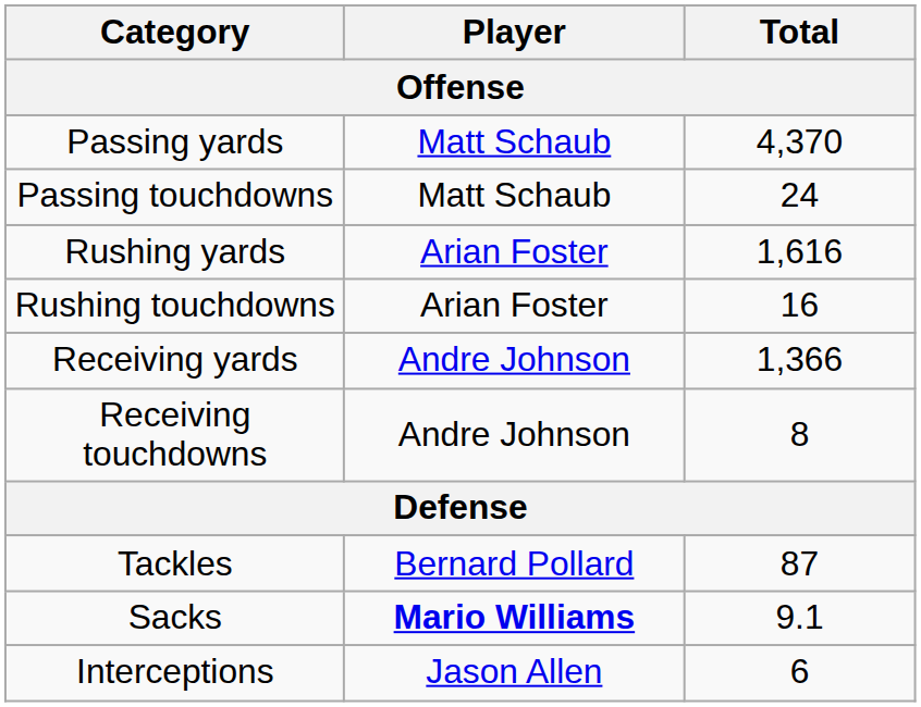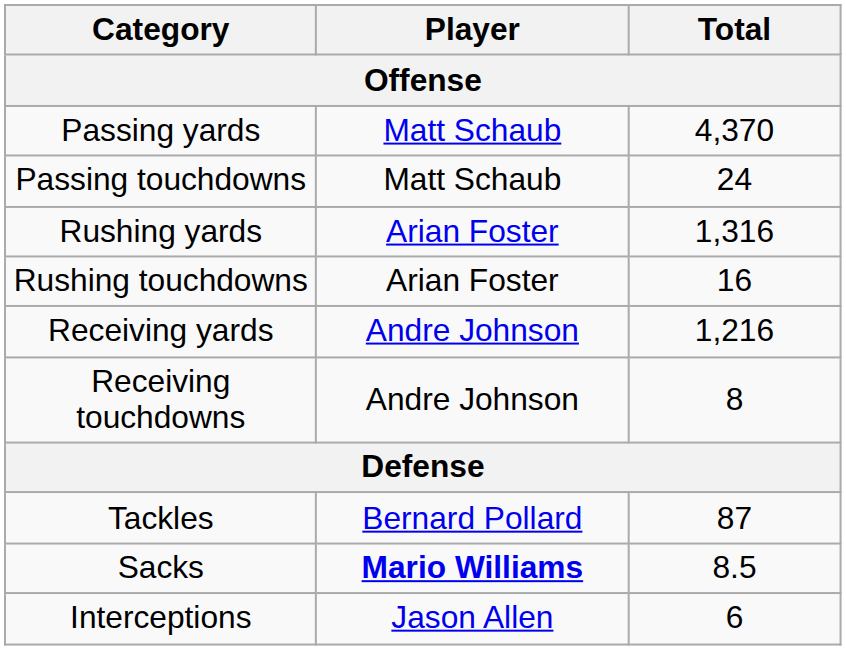 <table class="wikitable" style="text-align:center">
 <tr>
 <th width="150">Category</th>
 <th width="150">Player</th>
 <th width="100">Total</th>
 </tr>
 <tr>
 <th align="center" colspan="4">Offense</th>
 </tr>
 <tr>
 <td>Passing yards</td>
 <td><a href='#'>Matt Schaub</a></td>
 <td>4,370</td>
 </tr>
 <tr>
 <td>Passing touchdowns</td>
 <td>Matt Schaub</td>
 <td>24</td>
 </tr>
 <tr>
 <td>Rushing yards</td>
 <td><a href='#'>Arian Foster</a></td>
-<td>1,616</td>
+<td>1,316</td>
 </tr>
 <tr>
 <td>Rushing touchdowns</td>
 <td>Arian Foster</td>
 <td>16</td>
 </tr>
 <tr>
 <td>Receiving yards</td>
 <td><a href='#'>Andre Johnson</a></td>
-<td>1,366</td>
+<td>1,216</td>
 </tr>
 <tr>
 <td>Receiving touchdowns</td>
 <td>Andre Johnson</td>
 <td>8</td>
 </tr>
 <tr>
 <th align="center" colspan="4">Defense</th>
 </tr>
 <tr>
 <td>Tackles </td>
 <td><a href='#'>Bernard Pollard</a></td>
 <td>87</td>
 </tr>
 <tr>
 <td>Sacks</td>
 <td><strong><a href='#'>Mario Williams</a></strong></td>
-<td>9.1</td>
+<td>8.5</td>
 </tr>
 <tr>
 <td>Interceptions</td>
 <td><a href='#'>Jason Allen</a></td>
 <td>6</td>
 </tr>
 </table>
